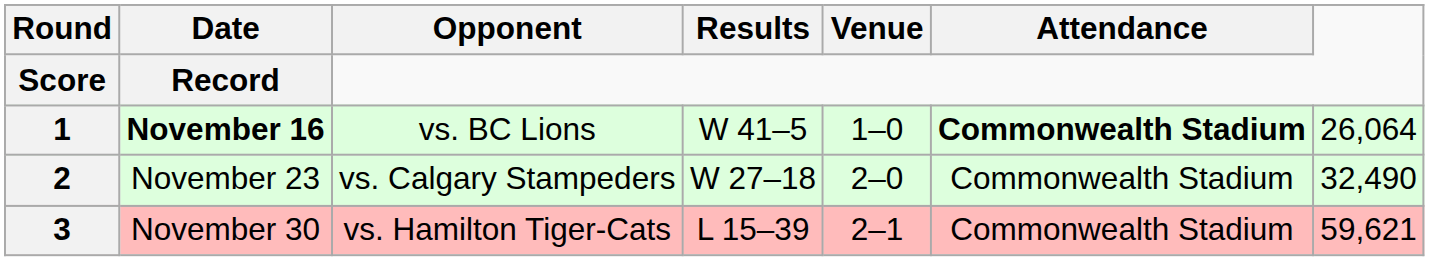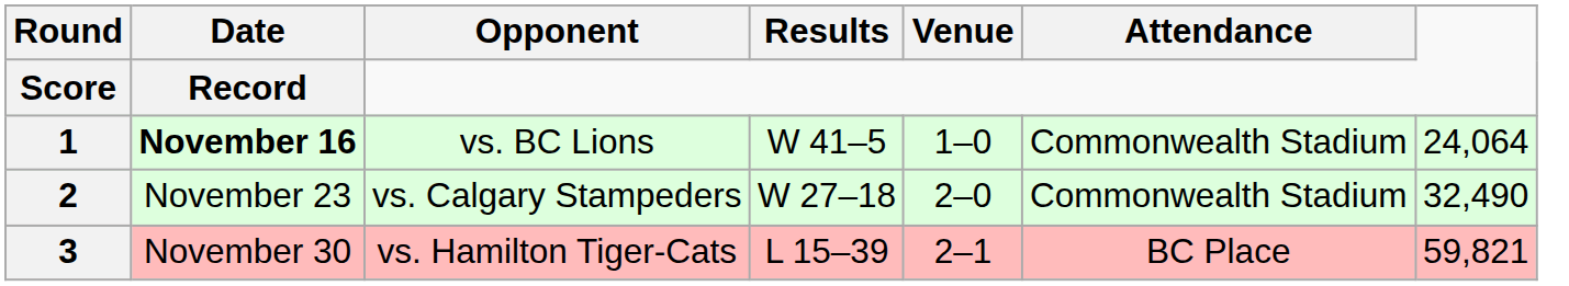 <table class="wikitable" style="text-align:center">
 <tr>
 <th>Round</th>
 <th>Date</th>
 <th>Opponent</th>
 <th>Results</th>
 <th>Venue</th>
 <th>Attendance</th>
 </tr>
 <tr>
 <th>Score</th>
 <th>Record</th>
 </tr>
 <tr style="background:#ddffdd">
 <th>1</th>
 <td><strong>November 16</strong></td>
 <td>vs. BC Lions</td>
 <td>W 41–5</td>
 <td>1–0</td>
-<td><strong>Commonwealth Stadium</strong></td>
-<td>26,064</td>
+<td>Commonwealth Stadium</td>
+<td>24,064</td>
 </tr>
 <tr style="background:#ddffdd">
 <th>2</th>
 <td>November 23</td>
 <td>vs. Calgary Stampeders</td>
 <td>W 27–18</td>
 <td>2–0</td>
 <td>Commonwealth Stadium</td>
 <td>32,490</td>
 </tr>
 <tr style="background:#ffbbbb">
 <th>3</th>
 <td>November 30</td>
 <td>vs. Hamilton Tiger-Cats</td>
 <td>L 15–39</td>
 <td>2–1</td>
-<td>Commonwealth Stadium</td>
-<td>59,621</td>
+<td>BC Place</td>
+<td>59,821</td>
 </tr>
 </table>
